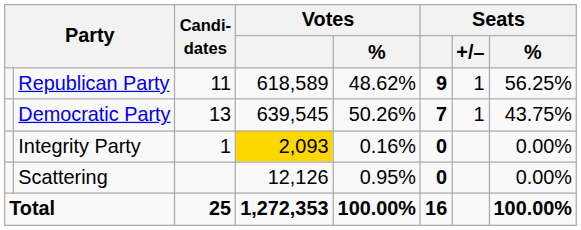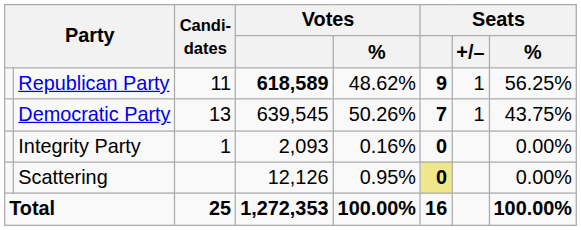 <table class="wikitable" style="font-size:100%; text-align:right;">
 <tr>
 <th colspan=2 rowspan=2>Party</th>
 <th rowspan=2><small>Candi-<br>dates</small></th>
 <th colspan=2>Votes</th>
 <th colspan=3>Seats</th>
 </tr>
 <tr>
 <th></th>
 <th>%</th>
 <th></th>
 <th>+/–</th>
 <th>%</th>
 </tr>
 <tr>
 <td style="background:"></td>
 <td align=left><a href='#'>Republican Party</a></td>
 <td>11</td>
-<td>618,589</td>
+<td><strong>618,589</strong></td>
 <td>48.62%</td>
 <td><strong>9</strong></td>
 <td>1</td>
 <td>56.25%</td>
 </tr>
 <tr>
 <td style="background:"></td>
 <td align=left><a href='#'>Democratic Party</a></td>
 <td>13</td>
 <td>639,545</td>
 <td>50.26%</td>
 <td><strong>7</strong></td>
 <td>1</td>
 <td>43.75%</td>
 </tr>
 <tr>
 <td></td>
 <td align=left>Integrity Party</td>
 <td>1</td>
-<td style="background: gold;">2,093</td>
+<td>2,093</td>
 <td>0.16%</td>
 <td><strong>0</strong></td>
 <td></td>
 <td>0.00%</td>
 </tr>
 <tr>
 <td></td>
 <td align=left>Scattering</td>
 <td></td>
 <td>12,126</td>
 <td>0.95%</td>
-<td><strong>0</strong></td>
+<td style="background: khaki;"><strong>0</strong></td>
 <td></td>
 <td>0.00%</td>
 </tr>
 <tr style="font-weight:bold">
 <td colspan=2 align=left>Total</td>
 <td>25</td>
 <td>1,272,353</td>
 <td>100.00%</td>
 <td>16</td>
 <td></td>
 <td>100.00%</td>
 </tr>
 </table>
